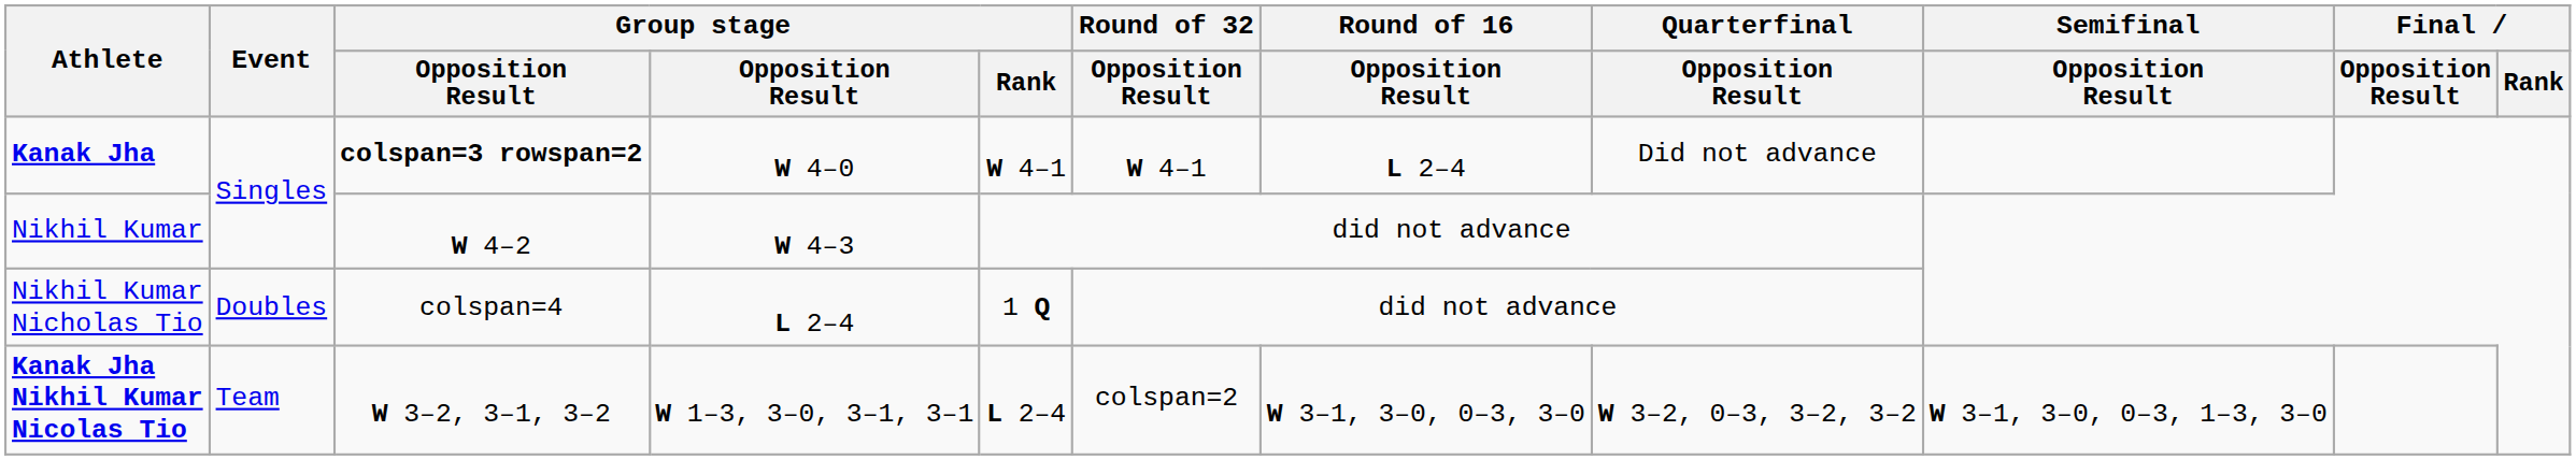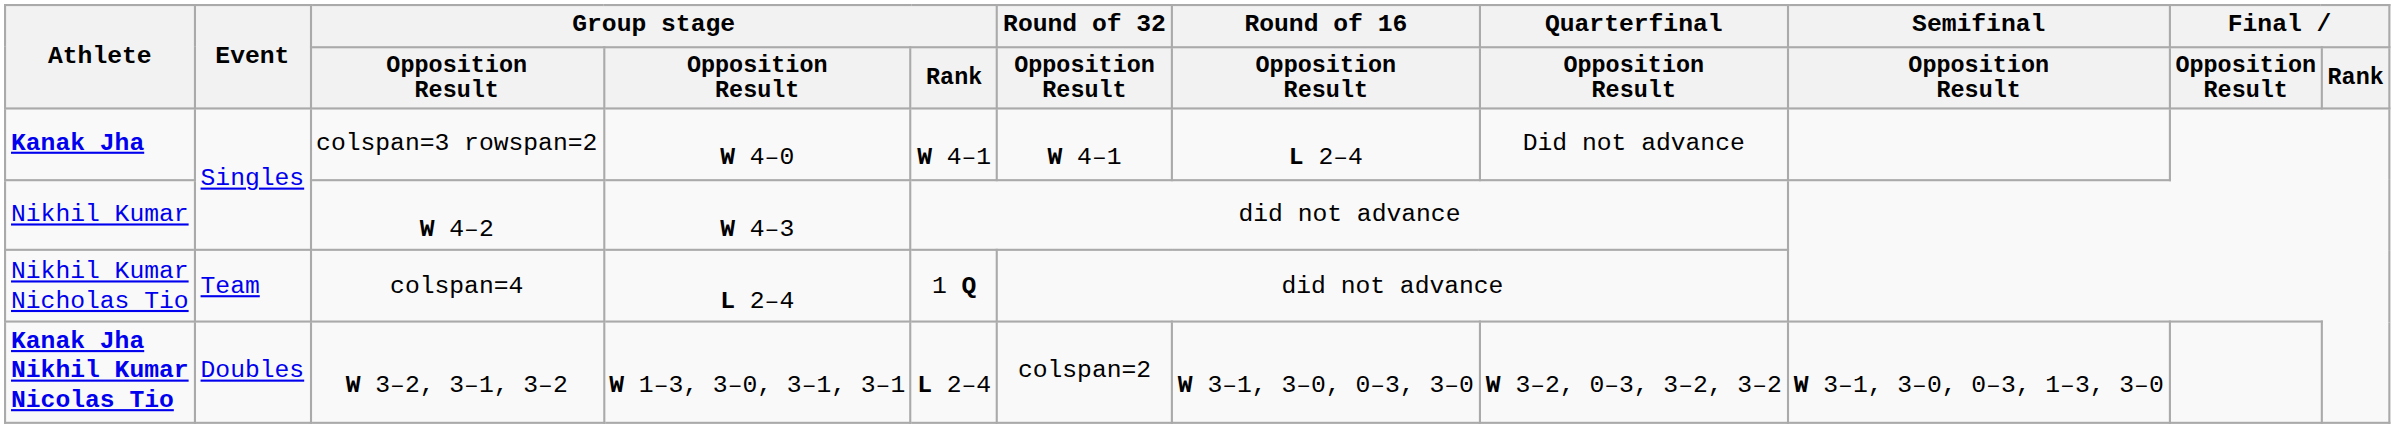 <table class=wikitable style=font-size:90%;text-align:center>
 <tr>
 <th rowspan=2>Athlete</th>
 <th rowspan=2>Event</th>
 <th colspan=3>Group stage</th>
 <th>Round of 32</th>
 <th>Round of 16</th>
 <th>Quarterfinal</th>
 <th>Semifinal</th>
 <th colspan=2>Final / </th>
 </tr>
 <tr style=font-size:95%>
 <th>Opposition<br>Result</th>
 <th>Opposition<br>Result</th>
 <th>Rank</th>
 <th>Opposition<br>Result</th>
 <th>Opposition<br>Result</th>
 <th>Opposition<br>Result</th>
 <th>Opposition<br>Result</th>
 <th>Opposition<br>Result</th>
 <th>Rank</th>
 </tr>
 <tr>
 <td align=left><strong><a href='#'>Kanak Jha</a></strong></td>
 <td align=left rowspan=2><a href='#'>Singles</a></td>
-<td><strong>colspan=3 rowspan=2 </strong></td>
+<td>colspan=3 rowspan=2 </td>
 <td><br><strong>W</strong> 4–0</td>
 <td><br><strong>W</strong> 4–1</td>
 <td><br><strong>W</strong> 4–1</td>
 <td><br><strong>L</strong> 2–4</td>
 <td>Did not advance</td>
 <td></td>
 </tr>
 <tr>
 <td align=left><a href='#'>Nikhil Kumar</a></td>
 <td><br><strong>W</strong> 4–2</td>
 <td><br><strong>W</strong> 4–3</td>
 <td colspan=4>did not advance</td>
 </tr>
 <tr>
 <td align=left><a href='#'>Nikhil Kumar</a><br><a href='#'>Nicholas Tio</a></td>
-<td align=left><a href='#'>Doubles</a></td>
+<td align=left><a href='#'>Team</a></td>
 <td>colspan=4 </td>
 <td><br><strong>L</strong> 2–4</td>
 <td>1 <strong>Q</strong></td>
 <td colspan=3>did not advance</td>
 </tr>
 <tr>
 <td align=left><strong><a href='#'>Kanak Jha</a><br><a href='#'>Nikhil Kumar</a><br><a href='#'>Nicolas Tio</a></strong></td>
-<td align=left><a href='#'>Team</a></td>
+<td align=left><a href='#'>Doubles</a></td>
 <td><br><strong>W</strong> 3–2, 3–1, 3–2</td>
 <td><br><strong>W</strong> 1–3, 3–0, 3–1, 3–1</td>
 <td><br><strong>L</strong> 2–4</td>
 <td>colspan=2 </td>
 <td><br><strong>W</strong> 3–1, 3–0, 0–3, 3–0</td>
 <td><br><strong>W</strong> 3–2, 0–3, 3–2, 3–2</td>
 <td><br><strong>W</strong> 3–1, 3–0, 0–3, 1–3, 3–0</td>
 <td></td>
 </tr>
 </table>
